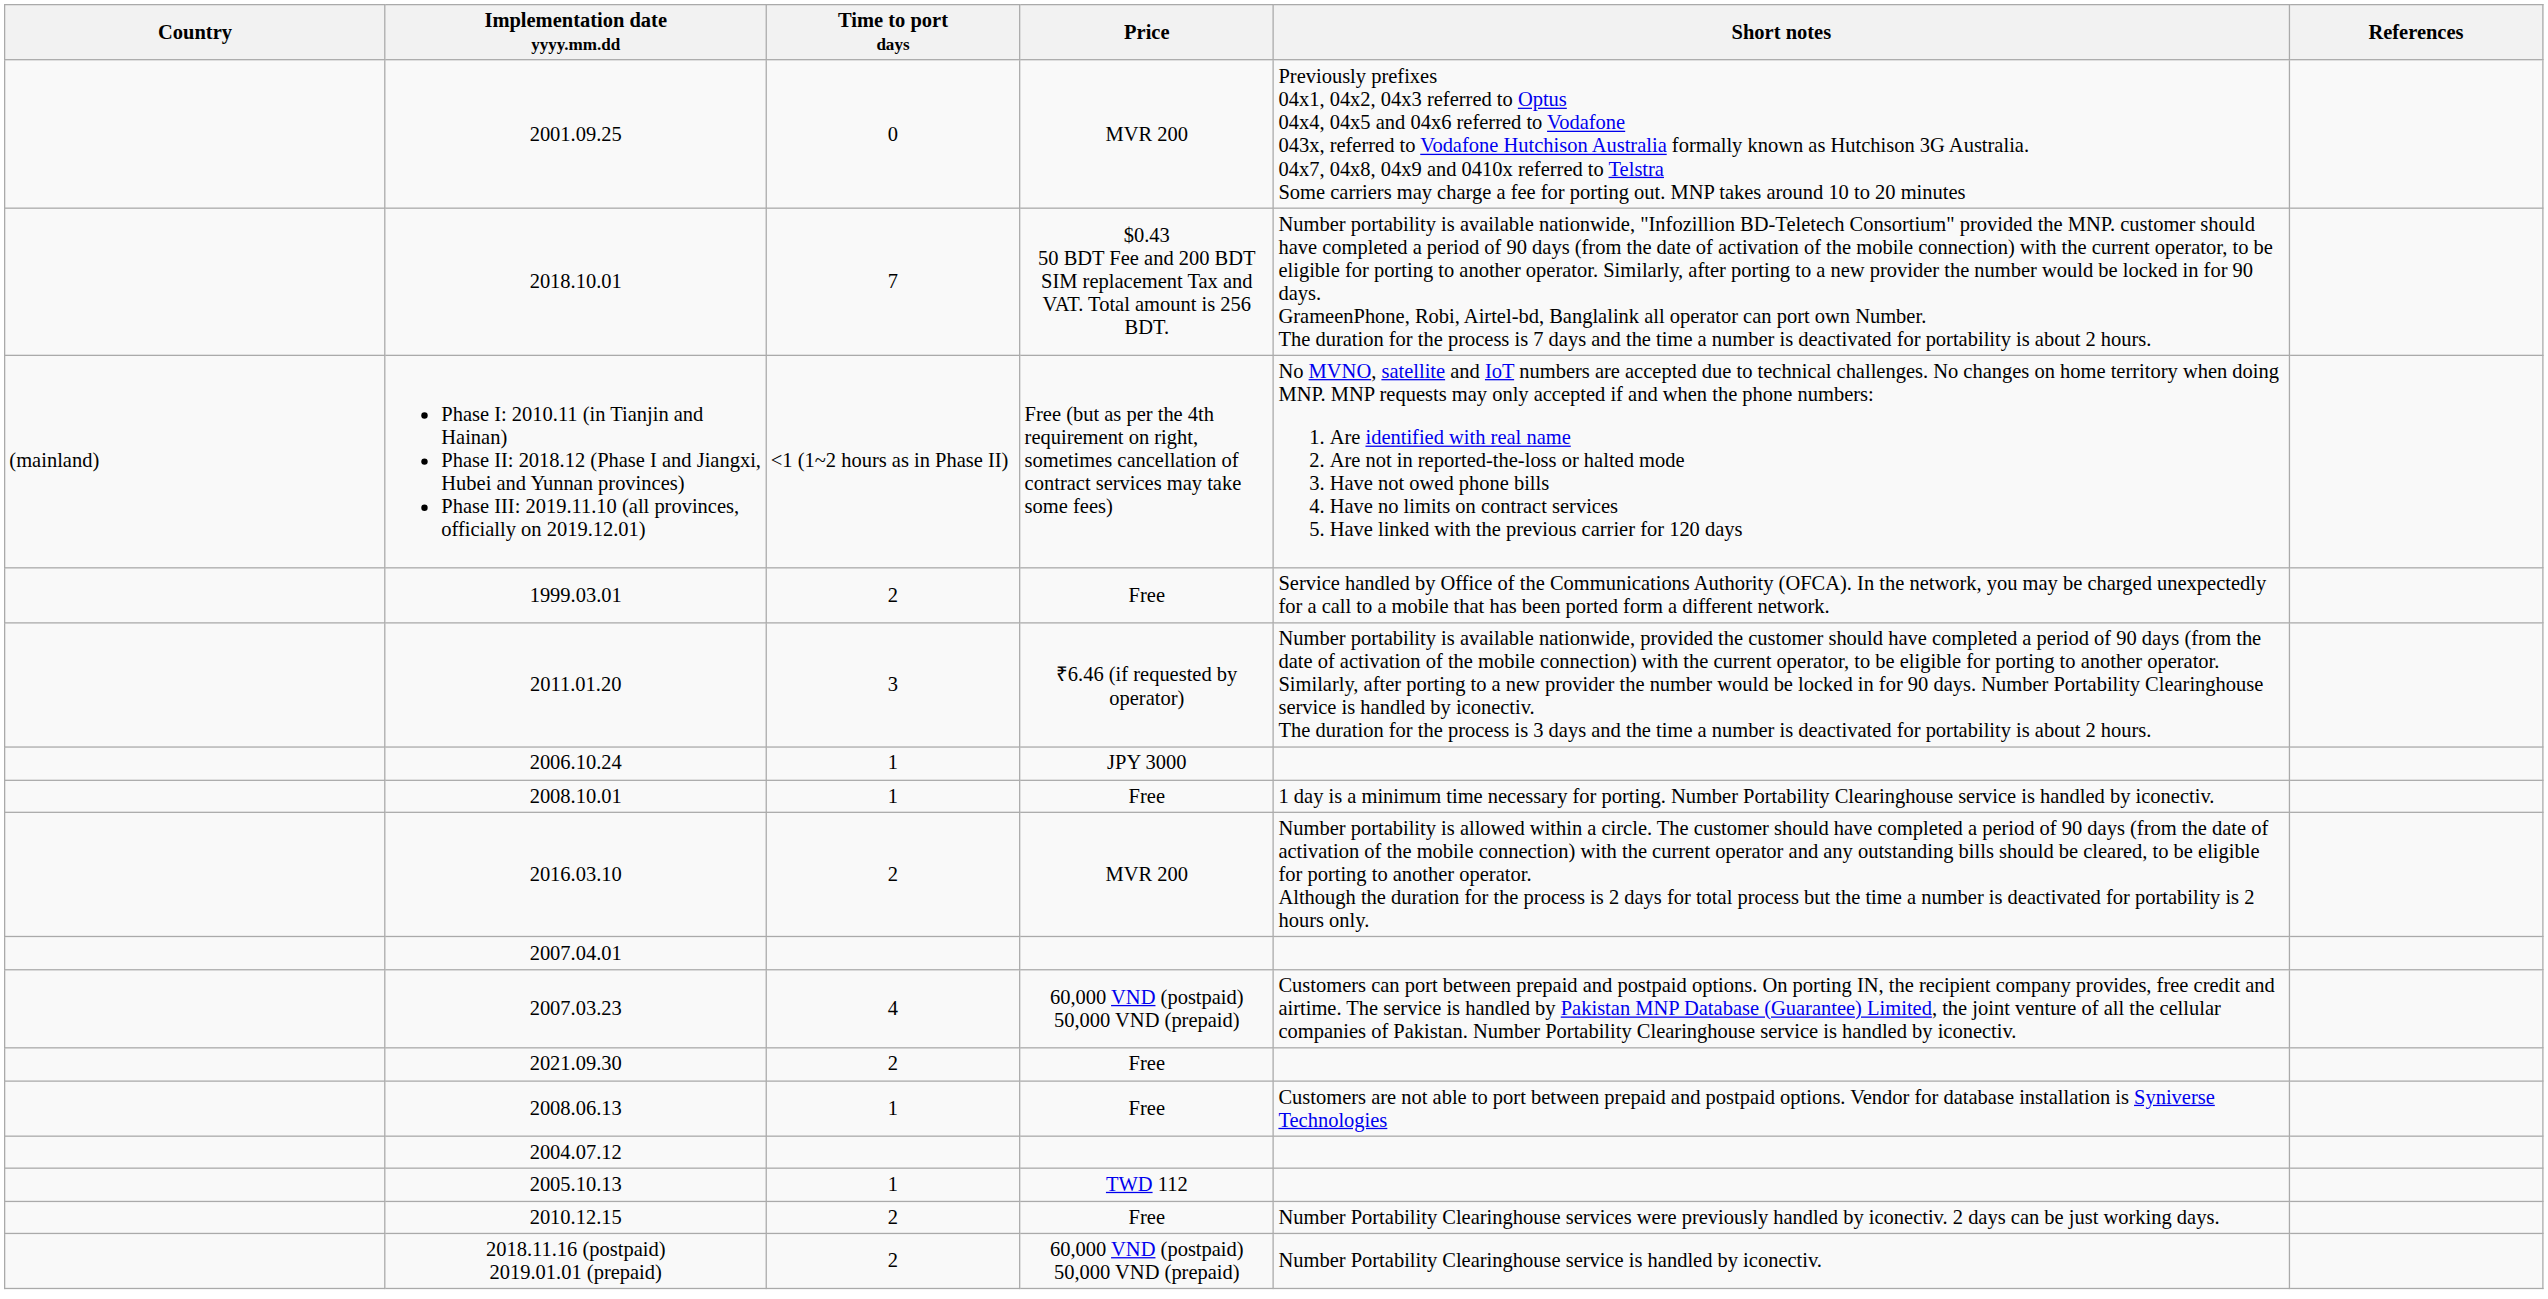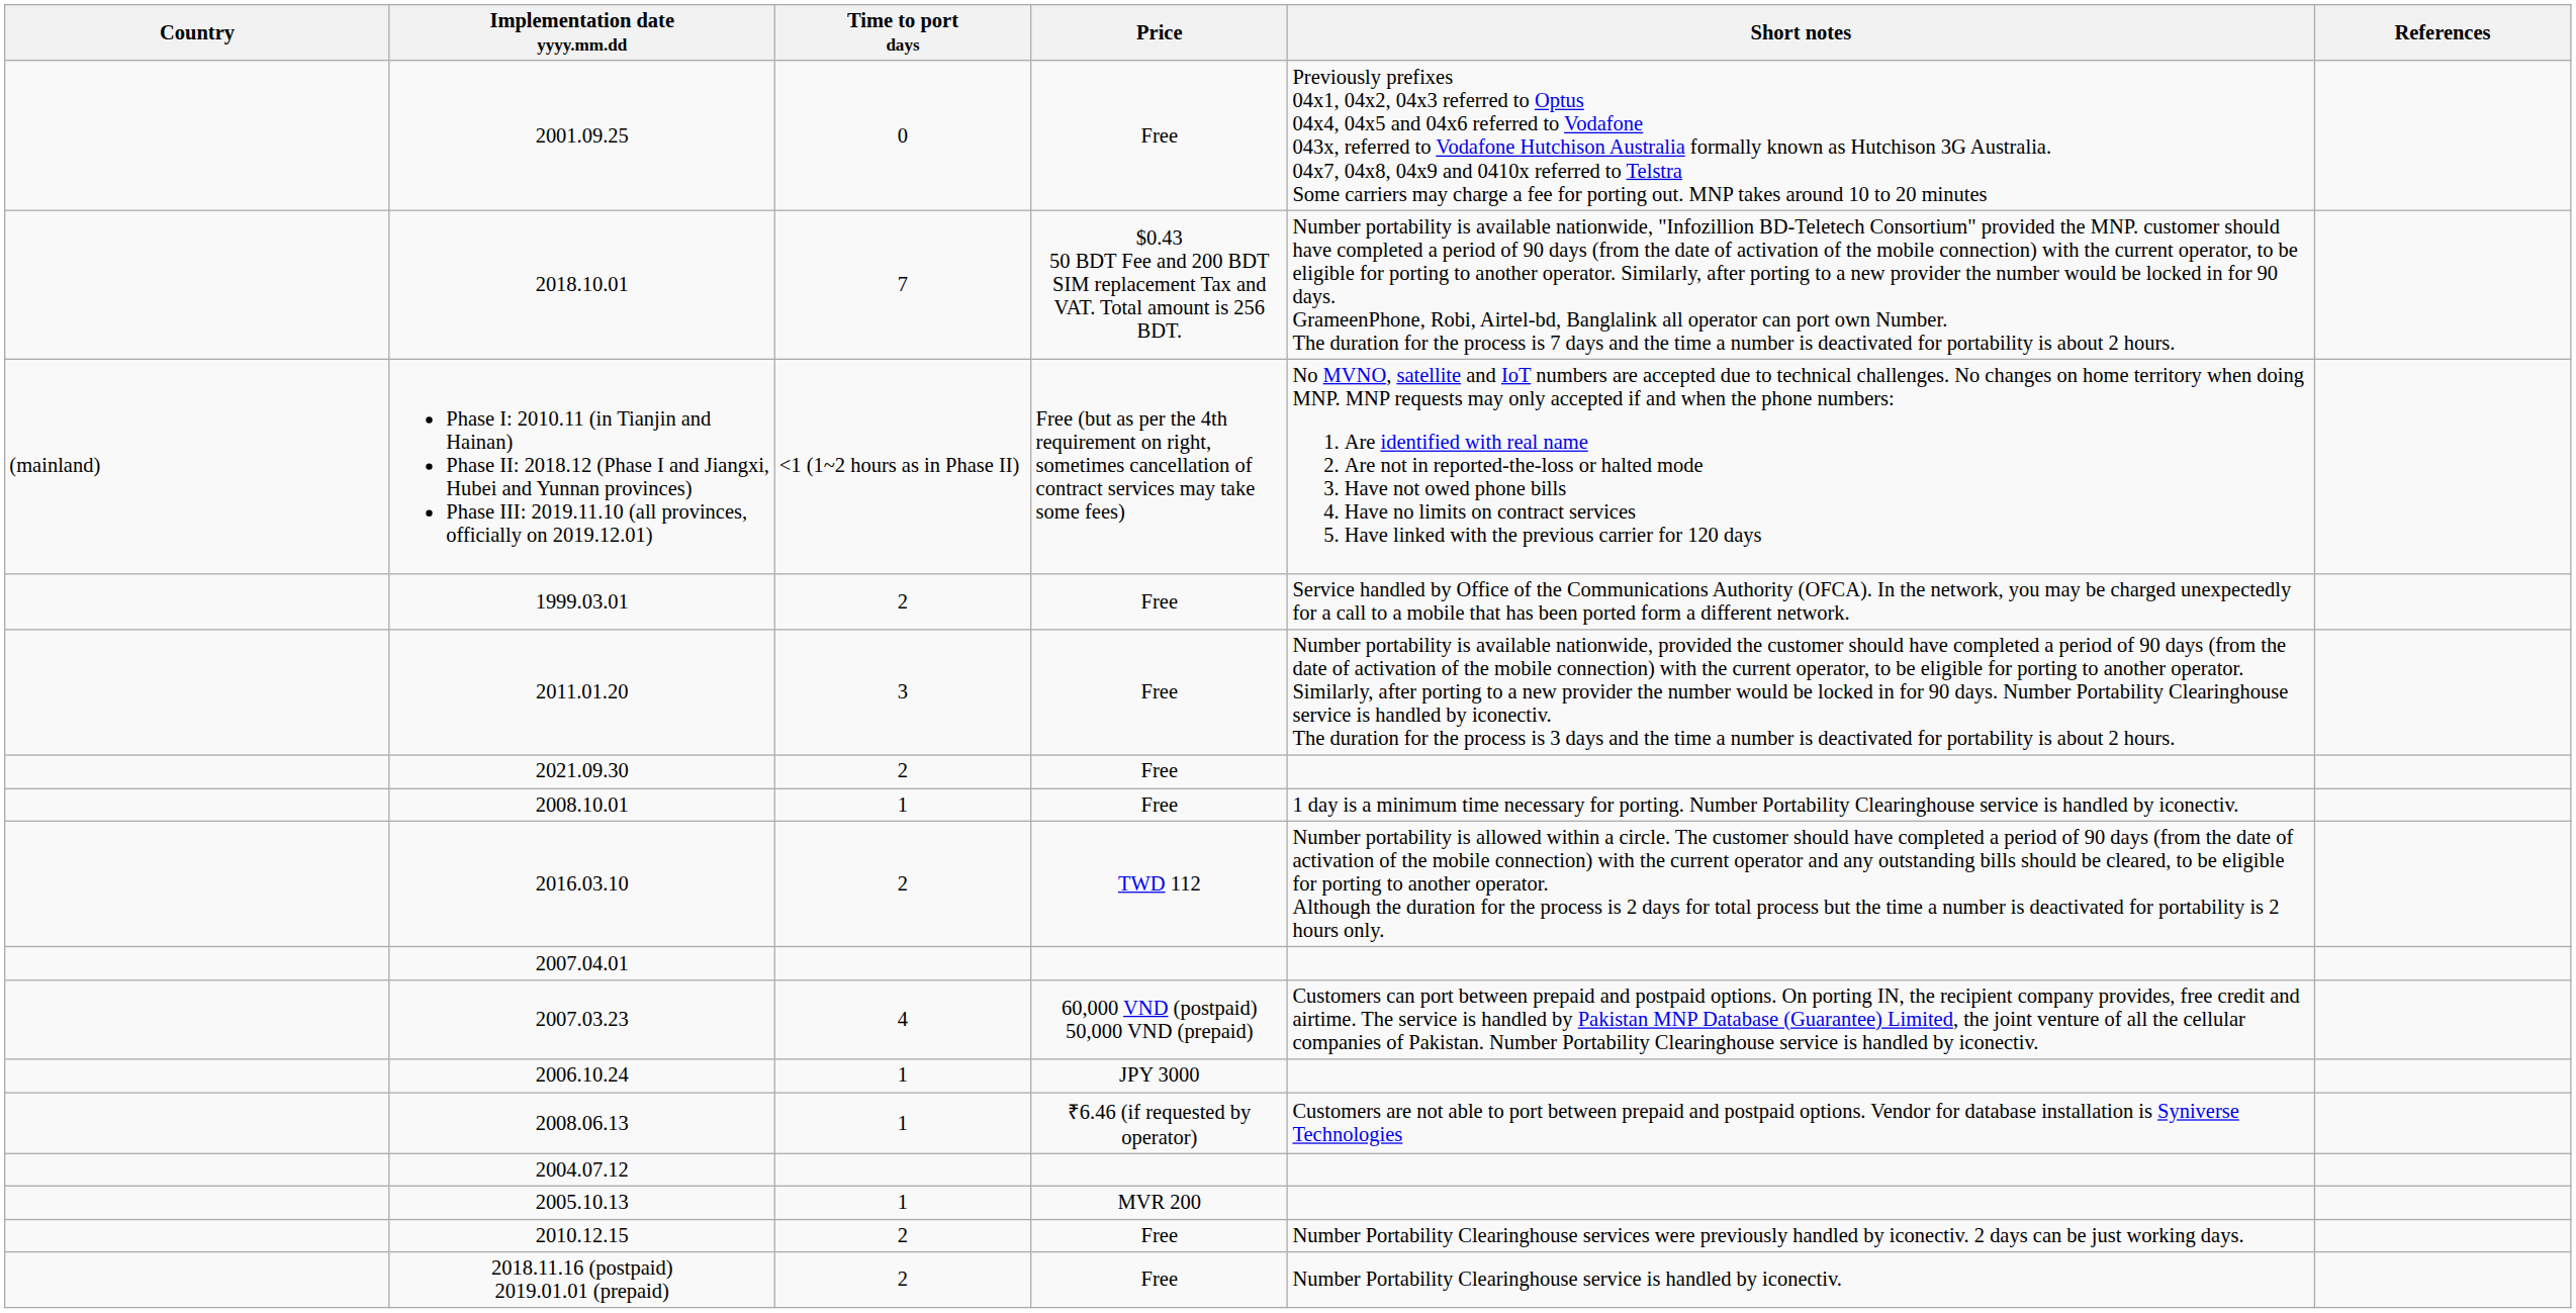 <table class="wikitable sortable" style="width:100%;">
 <tr>
 <th style="width:15%;">Country</th>
 <th style="width:15%;">Implementation date<br><small>yyyy.mm.dd</small></th>
 <th style="width:10%;">Time to port<br><small>days</small></th>
 <th style="width:10%;">Price</th>
 <th style="width:40%;" class="unsortable">Short notes</th>
 <th style="width:10%;" class="unsortable">References</th>
 </tr>
 <tr>
 <td></td>
 <td style="text-align:center;">2001.09.25</td>
 <td style="text-align:center;">0</td>
-<td style="text-align:center;">MVR 200</td>
+<td style="text-align:center;">Free</td>
 <td>Previously prefixes<br>04x1, 04x2, 04x3 referred to <a href='#'>Optus</a><br>04x4, 04x5 and 04x6 referred to <a href='#'>Vodafone</a><br>043x, referred to <a href='#'>Vodafone Hutchison Australia</a> formally known as Hutchison 3G Australia.<br>04x7, 04x8, 04x9 and 0410x referred to <a href='#'>Telstra</a><br>Some carriers may charge a fee for porting out. MNP takes around 10 to 20 minutes</td>
 <td></td>
 </tr>
 <tr>
 <td></td>
 <td style="text-align:center;">2018.10.01</td>
 <td style="text-align:center;">7</td>
 <td style="text-align:center;">$0.43<br>50 BDT Fee and 200 BDT SIM replacement Tax and VAT. Total amount is 256 BDT.</td>
 <td>Number portability is available nationwide, "Infozillion BD-Teletech Consortium" provided the MNP. customer should have completed a period of 90 days (from the date of activation of the mobile connection) with the current operator, to be eligible for porting to another operator. Similarly, after porting to a new provider the number would be locked in for 90 days.<br>GrameenPhone, Robi, Airtel-bd, Banglalink all operator can port own Number.<br>The duration for the process is 7 days and the time a number is deactivated for portability is about 2 hours.</td>
 <td></td>
 </tr>
 <tr>
 <td> (mainland)</td>
 <td><br><ul><li>Phase I: 2010.11 (in Tianjin and Hainan)</li><li>Phase II: 2018.12 (Phase I and Jiangxi, Hubei and Yunnan provinces)</li><li>Phase III: 2019.11.10 (all provinces, officially on 2019.12.01)</li></ul></td>
 <td><1 (1~2 hours as in Phase II)</td>
 <td>Free (but as per the 4th requirement on right, sometimes cancellation of contract services may take some fees)</td>
 <td>No <a href='#'>MVNO</a>, <a href='#'>satellite</a> and <a href='#'>IoT</a> numbers are accepted due to technical challenges. No changes on home territory when doing MNP. MNP requests may only accepted if and when the phone numbers:<br><ol><li>Are <a href='#'>identified with real name</a></li><li>Are not in reported-the-loss or halted mode</li><li>Have not owed phone bills</li><li>Have no limits on contract services</li><li>Have linked with the previous carrier for 120 days</li></ol></td>
 <td></td>
 </tr>
 <tr>
 <td></td>
 <td style="text-align:center;">1999.03.01</td>
 <td style="text-align:center;">2</td>
 <td style="text-align:center;">Free</td>
 <td>Service handled by Office of the Communications Authority (OFCA). In the network, you may be charged unexpectedly for a call to a mobile that has been ported form a different network.</td>
 <td></td>
 </tr>
 <tr>
 <td></td>
 <td style="text-align:center;">2011.01.20</td>
 <td style="text-align:center;">3</td>
-<td style="text-align:center;">₹6.46 (if requested by operator)</td>
+<td style="text-align:center;">Free</td>
 <td>Number portability is available nationwide, provided the customer should have completed a period of 90 days (from the date of activation of the mobile connection) with the current operator, to be eligible for porting to another operator. Similarly, after porting to a new provider the number would be locked in for 90 days. Number Portability Clearinghouse service is handled by iconectiv.<br>The duration for the process is 3 days and the time a number is deactivated for portability is about 2 hours.</td>
 <td><br> </td>
 </tr>
 <tr>
 <td></td>
-<td style="text-align:center;">2006.10.24</td>
-<td style="text-align:center;">1</td>
-<td style="text-align:center;">JPY 3000</td>
+<td style="text-align:center;">2021.09.30</td>
+<td style="text-align:center;">2</td>
+<td style="text-align:center;">Free</td>
 <td></td>
 <td></td>
 </tr>
 <tr>
 <td></td>
 <td style="text-align:center;">2008.10.01</td>
 <td style="text-align:center;">1</td>
 <td style="text-align:center;">Free</td>
 <td>1 day is a minimum time necessary for porting. Number Portability Clearinghouse service is handled by iconectiv.</td>
 <td></td>
 </tr>
 <tr>
 <td></td>
 <td style="text-align:center;">2016.03.10</td>
 <td style="text-align:center;">2</td>
-<td style="text-align:center;">MVR 200</td>
+<td style="text-align:center;"><a href='#'>TWD</a> 112</td>
 <td>Number portability is allowed within a circle. The customer should have completed a period of 90 days (from the date of activation of the mobile connection) with the current operator and any outstanding bills should be cleared, to be eligible for porting to another operator.<br>Although the duration for the process is 2 days for total process but the time a number is deactivated for portability is 2 hours only.</td>
 <td><br> </td>
 </tr>
 <tr>
 <td></td>
 <td style="text-align:center;">2007.04.01</td>
 <td style="text-align:center;"></td>
 <td style="text-align:center;"></td>
 <td></td>
 <td></td>
 </tr>
 <tr>
 <td></td>
 <td style="text-align:center;">2007.03.23</td>
 <td style="text-align:center;">4</td>
 <td style="text-align:center;">60,000 <a href='#'>VND</a> (postpaid)<br>50,000 VND (prepaid)</td>
 <td>Customers can port between prepaid and postpaid options. On porting IN, the recipient company provides, free credit and airtime. The service is handled by <a href='#'>Pakistan MNP Database (Guarantee) Limited</a>, the joint venture of all the cellular companies of Pakistan. Number Portability Clearinghouse service is handled by iconectiv.</td>
 <td></td>
 </tr>
 <tr>
 <td></td>
-<td style="text-align:center;">2021.09.30</td>
-<td style="text-align:center;">2</td>
-<td style="text-align:center;">Free</td>
+<td style="text-align:center;">2006.10.24</td>
+<td style="text-align:center;">1</td>
+<td style="text-align:center;">JPY 3000</td>
 <td></td>
 <td></td>
 </tr>
 <tr>
 <td></td>
 <td style="text-align:center;">2008.06.13</td>
 <td style="text-align:center;">1</td>
-<td style="text-align:center;">Free</td>
+<td style="text-align:center;">₹6.46 (if requested by operator)</td>
 <td>Customers are not able to port between prepaid and postpaid options. Vendor for database installation is <a href='#'>Syniverse Technologies</a></td>
 <td></td>
 </tr>
 <tr>
 <td></td>
 <td style="text-align:center;">2004.07.12</td>
 <td style="text-align:center;"></td>
 <td style="text-align:center;"></td>
 <td></td>
 <td></td>
 </tr>
 <tr>
 <td></td>
 <td style="text-align:center;">2005.10.13</td>
 <td style="text-align:center;">1</td>
-<td style="text-align:center;"><a href='#'>TWD</a> 112</td>
+<td style="text-align:center;">MVR 200</td>
 <td></td>
 <td></td>
 </tr>
 <tr>
 <td></td>
 <td style="text-align:center;">2010.12.15</td>
 <td style="text-align:center;">2</td>
 <td style="text-align:center;">Free</td>
 <td>Number Portability Clearinghouse services were previously handled by iconectiv. 2 days can be just working days.</td>
 <td></td>
 </tr>
 <tr>
 <td></td>
 <td style="text-align:center;">2018.11.16 (postpaid)<br>2019.01.01 (prepaid)</td>
 <td style="text-align:center;">2</td>
-<td style="text-align:center;">60,000 <a href='#'>VND</a> (postpaid)<br>50,000 VND (prepaid)</td>
+<td style="text-align:center;">Free</td>
 <td>Number Portability Clearinghouse service is handled by iconectiv.</td>
 <td></td>
 </tr>
 </table>
